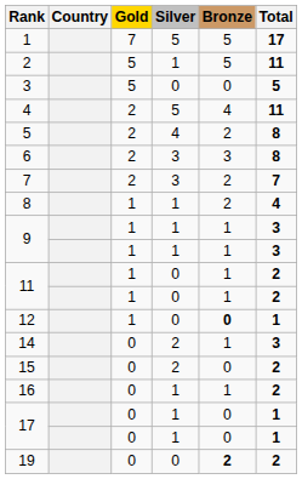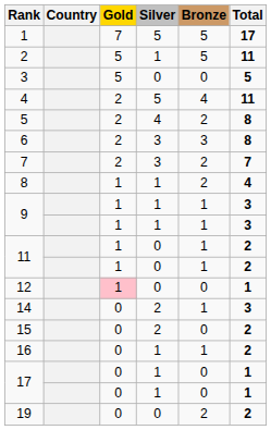 <table class="wikitable plainrowheaders sortable" style="text-align:center">
 <tr>
 <th scope=col>Rank</th>
 <th scope=col>Country</th>
 <th scope=col style="background-color: gold">Gold</th>
 <th scope=col style="background-color: silver">Silver</th>
 <th scope=col style="background-color: #cc9966">Bronze</th>
 <th scope=col>Total</th>
 </tr>
 <tr>
 <td style="text-align:center">1</td>
 <th scope=row align=left></th>
 <td>7</td>
 <td>5</td>
 <td>5</td>
 <td><strong>17</strong></td>
 </tr>
 <tr>
 <td style="text-align:center">2</td>
 <th scope=row align=left></th>
 <td>5</td>
 <td>1</td>
 <td>5</td>
 <td><strong>11</strong></td>
 </tr>
 <tr>
 <td style="text-align:center">3</td>
 <th scope=row align=left></th>
 <td>5</td>
 <td>0</td>
 <td>0</td>
 <td><strong>5</strong></td>
 </tr>
 <tr>
 <td style="text-align:center">4</td>
 <th scope=row align=left></th>
 <td>2</td>
 <td>5</td>
 <td>4</td>
 <td><strong>11</strong></td>
 </tr>
 <tr>
 <td style="text-align:center">5</td>
 <th scope="row" align="left"></th>
 <td>2</td>
 <td>4</td>
 <td>2</td>
 <td><strong>8</strong></td>
 </tr>
 <tr>
 <td style="text-align:center">6</td>
 <th scope=row align=left></th>
 <td>2</td>
 <td>3</td>
 <td>3</td>
 <td><strong>8</strong></td>
 </tr>
 <tr>
 <td style="text-align:center">7</td>
 <th scope=row align=left></th>
 <td>2</td>
 <td>3</td>
 <td>2</td>
 <td><strong>7</strong></td>
 </tr>
 <tr>
 <td style="text-align:center">8</td>
 <th scope=row align=left></th>
 <td>1</td>
 <td>1</td>
 <td>2</td>
 <td><strong>4</strong></td>
 </tr>
 <tr>
 <td style="text-align:center" rowspan=2>9</td>
 <th scope=row align=left></th>
 <td>1</td>
 <td>1</td>
 <td>1</td>
 <td><strong>3</strong></td>
 </tr>
 <tr>
 <th scope=row align=left></th>
 <td>1</td>
 <td>1</td>
 <td>1</td>
 <td><strong>3</strong></td>
 </tr>
 <tr>
 <td style="text-align:center" rowspan=2>11</td>
 <th scope=row align=left></th>
 <td>1</td>
 <td>0</td>
 <td>1</td>
 <td><strong>2</strong></td>
 </tr>
 <tr>
 <th scope=row align=left></th>
 <td>1</td>
 <td>0</td>
 <td>1</td>
 <td><strong>2</strong></td>
 </tr>
 <tr>
 <td>12</td>
 <th scope="row" align="left"></th>
-<td>1</td>
+<td style="background: pink;">1</td>
 <td>0</td>
-<td><strong>0</strong></td>
+<td>0</td>
 <td><strong>1</strong></td>
 </tr>
 <tr>
 <td style="text-align:center">14</td>
 <th scope="row" align="left"></th>
 <td>0</td>
 <td>2</td>
 <td>1</td>
 <td><strong>3</strong></td>
 </tr>
 <tr>
 <td style="text-align:center">15</td>
 <th scope="row" align="left"></th>
 <td>0</td>
 <td>2</td>
 <td>0</td>
 <td><strong>2</strong></td>
 </tr>
 <tr>
 <td>16</td>
 <th scope=row align=left></th>
 <td>0</td>
 <td>1</td>
 <td>1</td>
 <td><strong>2</strong></td>
 </tr>
 <tr>
 <td style="text-align:center" rowspan=2>17</td>
 <th scope=row align=left></th>
 <td>0</td>
 <td>1</td>
 <td>0</td>
 <td><strong>1</strong></td>
 </tr>
 <tr>
 <th scope=row align=left></th>
 <td>0</td>
 <td>1</td>
 <td>0</td>
 <td><strong>1</strong></td>
 </tr>
 <tr>
 <td style="text-align:center">19</td>
 <th scope=row align=left></th>
 <td>0</td>
 <td>0</td>
-<td><strong>2</strong></td>
+<td>2</td>
 <td><strong>2</strong></td>
 </tr>
 </table>
